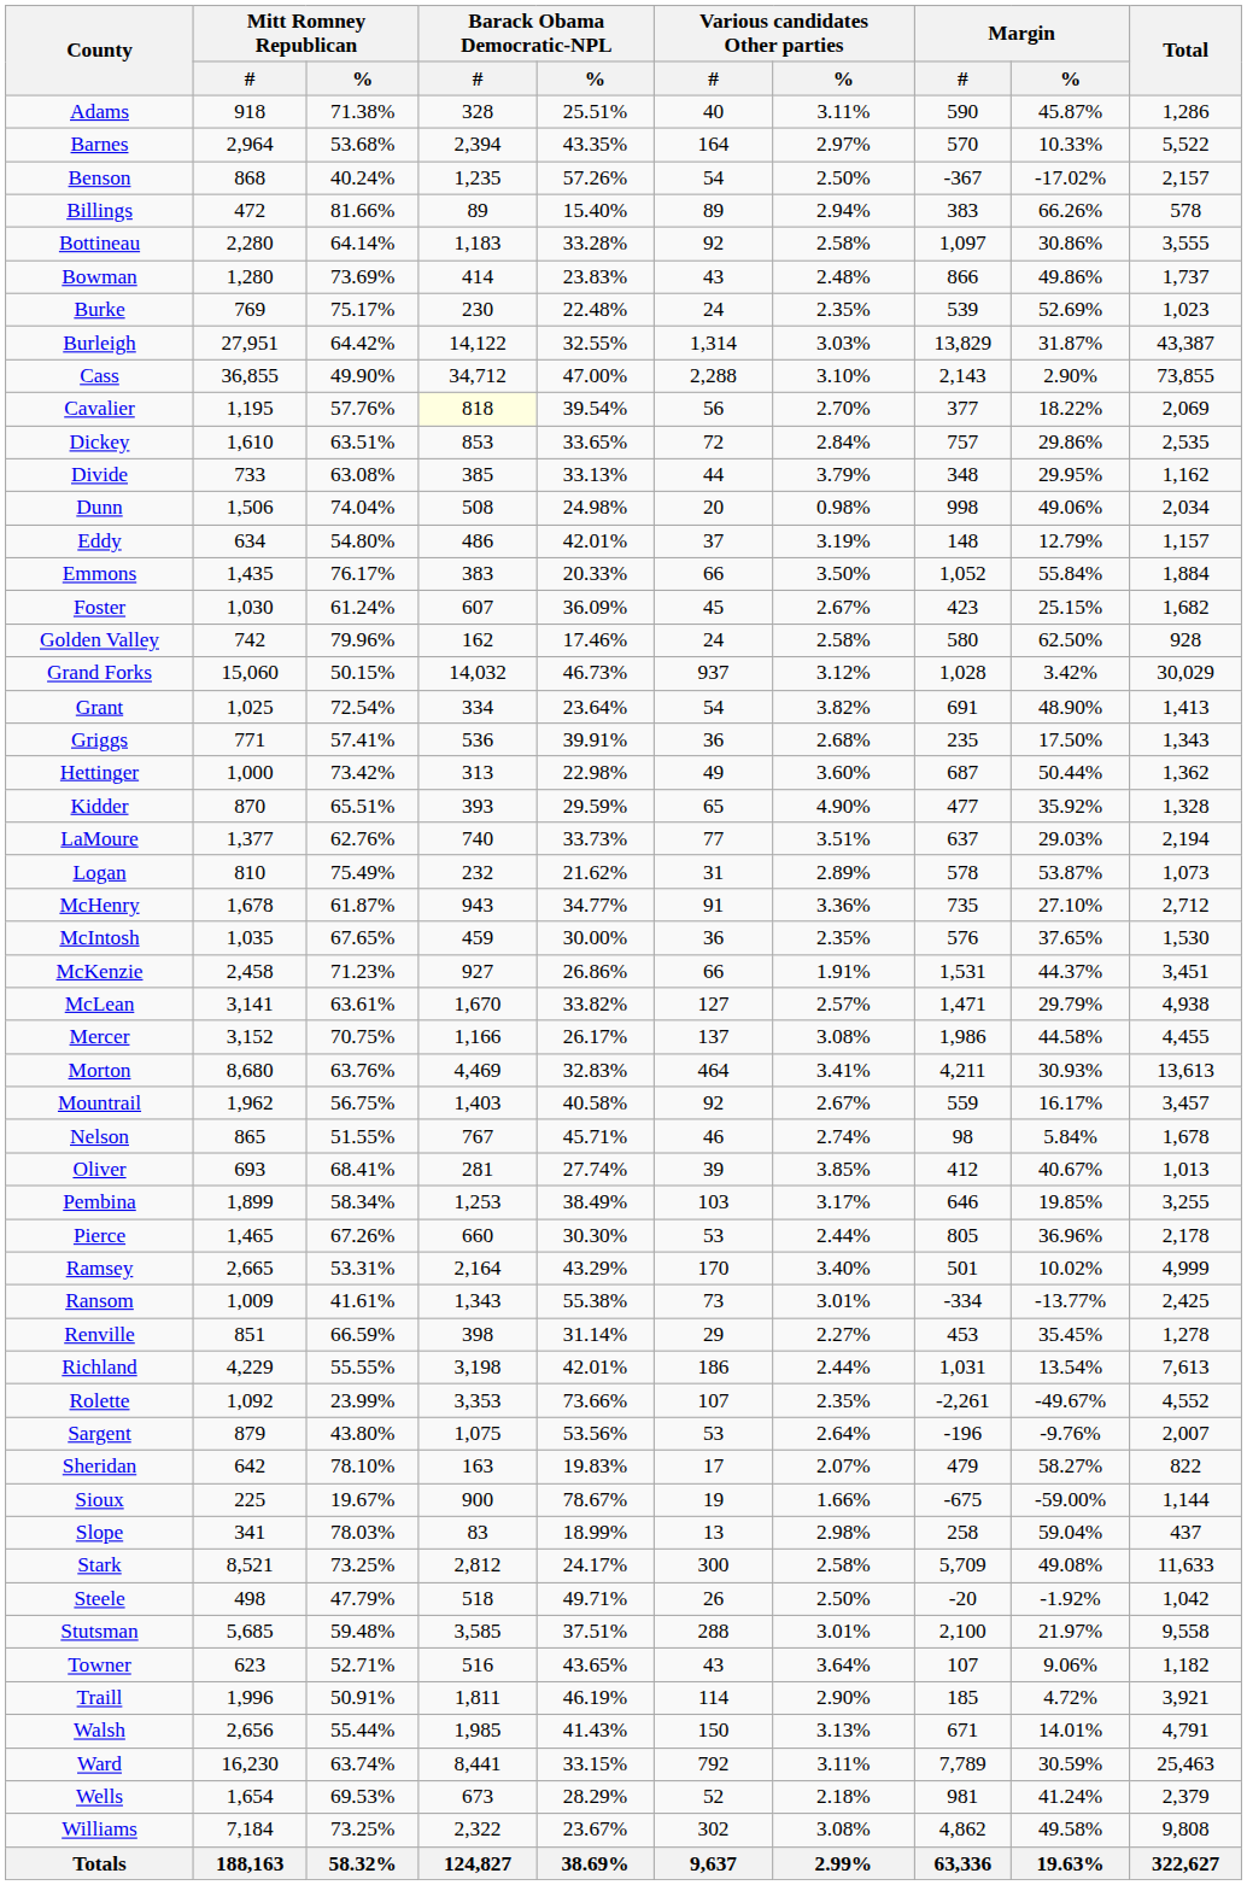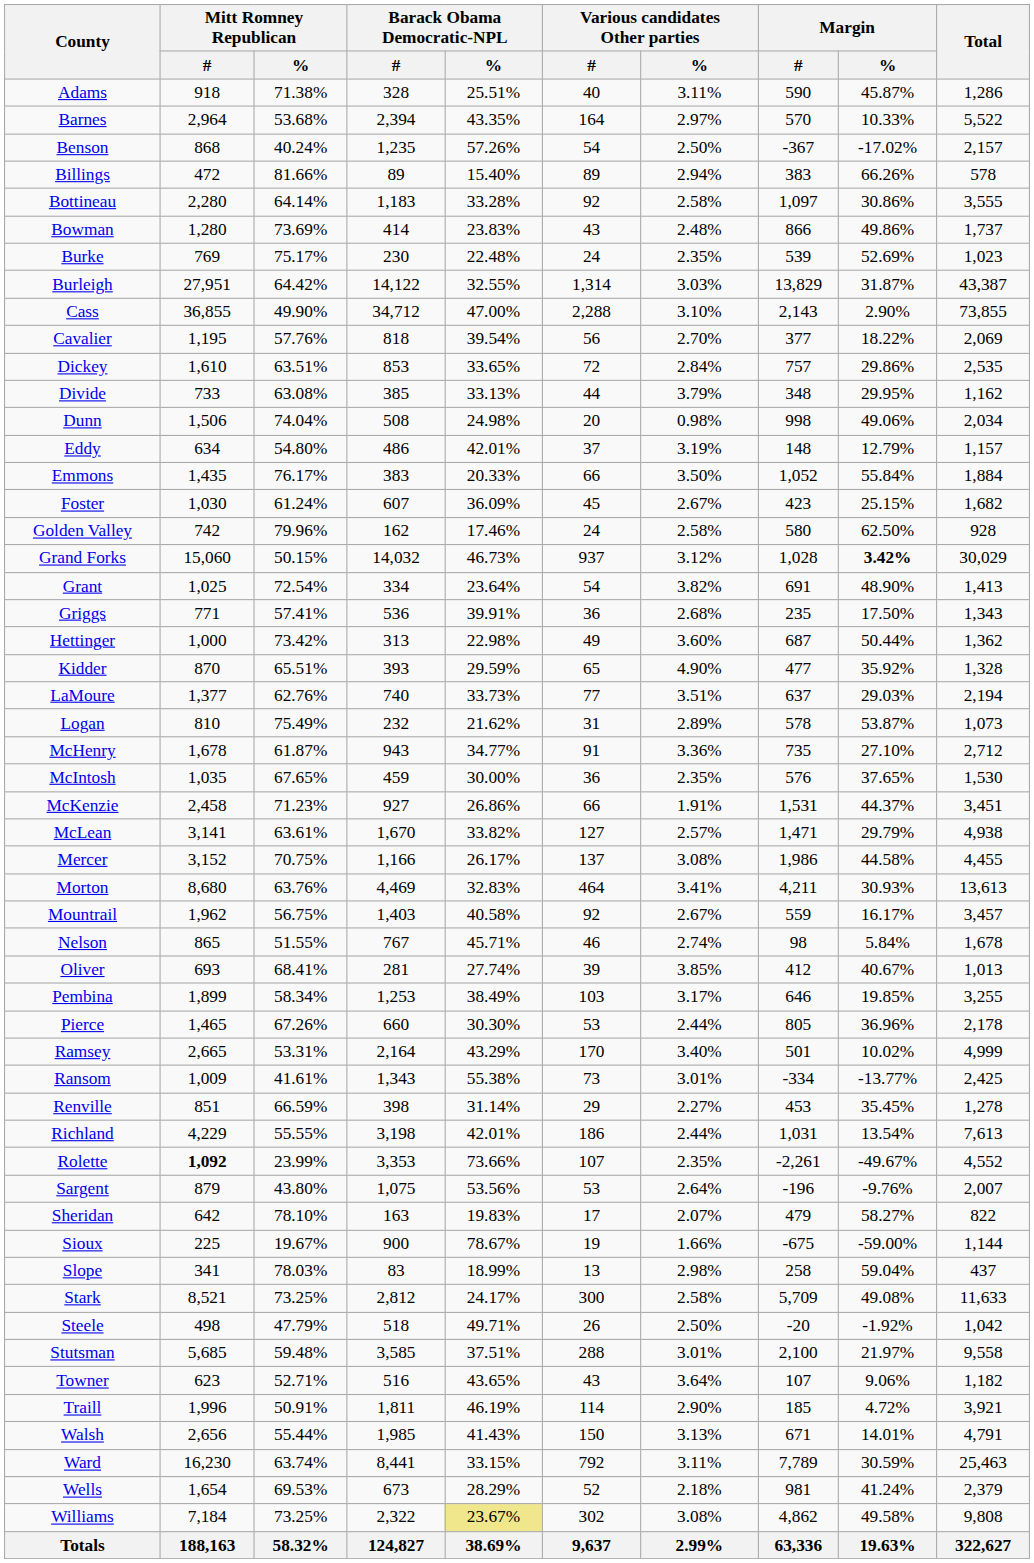 <table width="60%" class="wikitable sortable">
 <tr>
 <th rowspan="2">County</th>
 <th colspan="2">Mitt Romney<br>Republican</th>
 <th colspan="2">Barack Obama<br>Democratic-NPL</th>
 <th colspan="2">Various candidates<br>Other parties</th>
 <th colspan="2">Margin</th>
 <th rowspan="2">Total</th>
 </tr>
 <tr>
 <th style="text-align:center;" data-sort-type="number">#</th>
 <th style="text-align:center;" data-sort-type="number">%</th>
 <th style="text-align:center;" data-sort-type="number">#</th>
 <th style="text-align:center;" data-sort-type="number">%</th>
 <th style="text-align:center;" data-sort-type="number">#</th>
 <th style="text-align:center;" data-sort-type="number">%</th>
 <th style="text-align:center;" data-sort-type="number">#</th>
 <th style="text-align:center;" data-sort-type="number">%</th>
 </tr>
 <tr style="text-align:center;">
 <td><a href='#'>Adams</a></td>
 <td>918</td>
 <td>71.38%</td>
 <td>328</td>
 <td>25.51%</td>
 <td>40</td>
 <td>3.11%</td>
 <td>590</td>
 <td>45.87%</td>
 <td>1,286</td>
 </tr>
 <tr style="text-align:center;">
 <td><a href='#'>Barnes</a></td>
 <td>2,964</td>
 <td>53.68%</td>
 <td>2,394</td>
 <td>43.35%</td>
 <td>164</td>
 <td>2.97%</td>
 <td>570</td>
 <td>10.33%</td>
 <td>5,522</td>
 </tr>
 <tr style="text-align:center;">
 <td><a href='#'>Benson</a></td>
 <td>868</td>
 <td>40.24%</td>
 <td>1,235</td>
 <td>57.26%</td>
 <td>54</td>
 <td>2.50%</td>
 <td>-367</td>
 <td>-17.02%</td>
 <td>2,157</td>
 </tr>
 <tr style="text-align:center;">
 <td><a href='#'>Billings</a></td>
 <td>472</td>
 <td>81.66%</td>
 <td>89</td>
 <td>15.40%</td>
 <td>89</td>
 <td>2.94%</td>
 <td>383</td>
 <td>66.26%</td>
 <td>578</td>
 </tr>
 <tr style="text-align:center;">
 <td><a href='#'>Bottineau</a></td>
 <td>2,280</td>
 <td>64.14%</td>
 <td>1,183</td>
 <td>33.28%</td>
 <td>92</td>
 <td>2.58%</td>
 <td>1,097</td>
 <td>30.86%</td>
 <td>3,555</td>
 </tr>
 <tr style="text-align:center;">
 <td><a href='#'>Bowman</a></td>
 <td>1,280</td>
 <td>73.69%</td>
 <td>414</td>
 <td>23.83%</td>
 <td>43</td>
 <td>2.48%</td>
 <td>866</td>
 <td>49.86%</td>
 <td>1,737</td>
 </tr>
 <tr style="text-align:center;">
 <td><a href='#'>Burke</a></td>
 <td>769</td>
 <td>75.17%</td>
 <td>230</td>
 <td>22.48%</td>
 <td>24</td>
 <td>2.35%</td>
 <td>539</td>
 <td>52.69%</td>
 <td>1,023</td>
 </tr>
 <tr style="text-align:center;">
 <td><a href='#'>Burleigh</a></td>
 <td>27,951</td>
 <td>64.42%</td>
 <td>14,122</td>
 <td>32.55%</td>
 <td>1,314</td>
 <td>3.03%</td>
 <td>13,829</td>
 <td>31.87%</td>
 <td>43,387</td>
 </tr>
 <tr style="text-align:center;">
 <td><a href='#'>Cass</a></td>
 <td>36,855</td>
 <td>49.90%</td>
 <td>34,712</td>
 <td>47.00%</td>
 <td>2,288</td>
 <td>3.10%</td>
 <td>2,143</td>
 <td>2.90%</td>
 <td>73,855</td>
 </tr>
 <tr style="text-align:center;">
 <td><a href='#'>Cavalier</a></td>
 <td>1,195</td>
 <td>57.76%</td>
-<td style="background: lightyellow;">818</td>
+<td>818</td>
 <td>39.54%</td>
 <td>56</td>
 <td>2.70%</td>
 <td>377</td>
 <td>18.22%</td>
 <td>2,069</td>
 </tr>
 <tr style="text-align:center;">
 <td><a href='#'>Dickey</a></td>
 <td>1,610</td>
 <td>63.51%</td>
 <td>853</td>
 <td>33.65%</td>
 <td>72</td>
 <td>2.84%</td>
 <td>757</td>
 <td>29.86%</td>
 <td>2,535</td>
 </tr>
 <tr style="text-align:center;">
 <td><a href='#'>Divide</a></td>
 <td>733</td>
 <td>63.08%</td>
 <td>385</td>
 <td>33.13%</td>
 <td>44</td>
 <td>3.79%</td>
 <td>348</td>
 <td>29.95%</td>
 <td>1,162</td>
 </tr>
 <tr style="text-align:center;">
 <td><a href='#'>Dunn</a></td>
 <td>1,506</td>
 <td>74.04%</td>
 <td>508</td>
 <td>24.98%</td>
 <td>20</td>
 <td>0.98%</td>
 <td>998</td>
 <td>49.06%</td>
 <td>2,034</td>
 </tr>
 <tr style="text-align:center;">
 <td><a href='#'>Eddy</a></td>
 <td>634</td>
 <td>54.80%</td>
 <td>486</td>
 <td>42.01%</td>
 <td>37</td>
 <td>3.19%</td>
 <td>148</td>
 <td>12.79%</td>
 <td>1,157</td>
 </tr>
 <tr style="text-align:center;">
 <td><a href='#'>Emmons</a></td>
 <td>1,435</td>
 <td>76.17%</td>
 <td>383</td>
 <td>20.33%</td>
 <td>66</td>
 <td>3.50%</td>
 <td>1,052</td>
 <td>55.84%</td>
 <td>1,884</td>
 </tr>
 <tr style="text-align:center;">
 <td><a href='#'>Foster</a></td>
 <td>1,030</td>
 <td>61.24%</td>
 <td>607</td>
 <td>36.09%</td>
 <td>45</td>
 <td>2.67%</td>
 <td>423</td>
 <td>25.15%</td>
 <td>1,682</td>
 </tr>
 <tr style="text-align:center;">
 <td><a href='#'>Golden Valley</a></td>
 <td>742</td>
 <td>79.96%</td>
 <td>162</td>
 <td>17.46%</td>
 <td>24</td>
 <td>2.58%</td>
 <td>580</td>
 <td>62.50%</td>
 <td>928</td>
 </tr>
 <tr style="text-align:center;">
 <td><a href='#'>Grand Forks</a></td>
 <td>15,060</td>
 <td>50.15%</td>
 <td>14,032</td>
 <td>46.73%</td>
 <td>937</td>
 <td>3.12%</td>
 <td>1,028</td>
-<td>3.42%</td>
+<td><strong>3.42%</strong></td>
 <td>30,029</td>
 </tr>
 <tr style="text-align:center;">
 <td><a href='#'>Grant</a></td>
 <td>1,025</td>
 <td>72.54%</td>
 <td>334</td>
 <td>23.64%</td>
 <td>54</td>
 <td>3.82%</td>
 <td>691</td>
 <td>48.90%</td>
 <td>1,413</td>
 </tr>
 <tr style="text-align:center;">
 <td><a href='#'>Griggs</a></td>
 <td>771</td>
 <td>57.41%</td>
 <td>536</td>
 <td>39.91%</td>
 <td>36</td>
 <td>2.68%</td>
 <td>235</td>
 <td>17.50%</td>
 <td>1,343</td>
 </tr>
 <tr style="text-align:center;">
 <td><a href='#'>Hettinger</a></td>
 <td>1,000</td>
 <td>73.42%</td>
 <td>313</td>
 <td>22.98%</td>
 <td>49</td>
 <td>3.60%</td>
 <td>687</td>
 <td>50.44%</td>
 <td>1,362</td>
 </tr>
 <tr style="text-align:center;">
 <td><a href='#'>Kidder</a></td>
 <td>870</td>
 <td>65.51%</td>
 <td>393</td>
 <td>29.59%</td>
 <td>65</td>
 <td>4.90%</td>
 <td>477</td>
 <td>35.92%</td>
 <td>1,328</td>
 </tr>
 <tr style="text-align:center;">
 <td><a href='#'>LaMoure</a></td>
 <td>1,377</td>
 <td>62.76%</td>
 <td>740</td>
 <td>33.73%</td>
 <td>77</td>
 <td>3.51%</td>
 <td>637</td>
 <td>29.03%</td>
 <td>2,194</td>
 </tr>
 <tr style="text-align:center;">
 <td><a href='#'>Logan</a></td>
 <td>810</td>
 <td>75.49%</td>
 <td>232</td>
 <td>21.62%</td>
 <td>31</td>
 <td>2.89%</td>
 <td>578</td>
 <td>53.87%</td>
 <td>1,073</td>
 </tr>
 <tr style="text-align:center;">
 <td><a href='#'>McHenry</a></td>
 <td>1,678</td>
 <td>61.87%</td>
 <td>943</td>
 <td>34.77%</td>
 <td>91</td>
 <td>3.36%</td>
 <td>735</td>
 <td>27.10%</td>
 <td>2,712</td>
 </tr>
 <tr style="text-align:center;">
 <td><a href='#'>McIntosh</a></td>
 <td>1,035</td>
 <td>67.65%</td>
 <td>459</td>
 <td>30.00%</td>
 <td>36</td>
 <td>2.35%</td>
 <td>576</td>
 <td>37.65%</td>
 <td>1,530</td>
 </tr>
 <tr style="text-align:center;">
 <td><a href='#'>McKenzie</a></td>
 <td>2,458</td>
 <td>71.23%</td>
 <td>927</td>
 <td>26.86%</td>
 <td>66</td>
 <td>1.91%</td>
 <td>1,531</td>
 <td>44.37%</td>
 <td>3,451</td>
 </tr>
 <tr style="text-align:center;">
 <td><a href='#'>McLean</a></td>
 <td>3,141</td>
 <td>63.61%</td>
 <td>1,670</td>
 <td>33.82%</td>
 <td>127</td>
 <td>2.57%</td>
 <td>1,471</td>
 <td>29.79%</td>
 <td>4,938</td>
 </tr>
 <tr style="text-align:center;">
 <td><a href='#'>Mercer</a></td>
 <td>3,152</td>
 <td>70.75%</td>
 <td>1,166</td>
 <td>26.17%</td>
 <td>137</td>
 <td>3.08%</td>
 <td>1,986</td>
 <td>44.58%</td>
 <td>4,455</td>
 </tr>
 <tr style="text-align:center;">
 <td><a href='#'>Morton</a></td>
 <td>8,680</td>
 <td>63.76%</td>
 <td>4,469</td>
 <td>32.83%</td>
 <td>464</td>
 <td>3.41%</td>
 <td>4,211</td>
 <td>30.93%</td>
 <td>13,613</td>
 </tr>
 <tr style="text-align:center;">
 <td><a href='#'>Mountrail</a></td>
 <td>1,962</td>
 <td>56.75%</td>
 <td>1,403</td>
 <td>40.58%</td>
 <td>92</td>
 <td>2.67%</td>
 <td>559</td>
 <td>16.17%</td>
 <td>3,457</td>
 </tr>
 <tr style="text-align:center;">
 <td><a href='#'>Nelson</a></td>
 <td>865</td>
 <td>51.55%</td>
 <td>767</td>
 <td>45.71%</td>
 <td>46</td>
 <td>2.74%</td>
 <td>98</td>
 <td>5.84%</td>
 <td>1,678</td>
 </tr>
 <tr style="text-align:center;">
 <td><a href='#'>Oliver</a></td>
 <td>693</td>
 <td>68.41%</td>
 <td>281</td>
 <td>27.74%</td>
 <td>39</td>
 <td>3.85%</td>
 <td>412</td>
 <td>40.67%</td>
 <td>1,013</td>
 </tr>
 <tr style="text-align:center;">
 <td><a href='#'>Pembina</a></td>
 <td>1,899</td>
 <td>58.34%</td>
 <td>1,253</td>
 <td>38.49%</td>
 <td>103</td>
 <td>3.17%</td>
 <td>646</td>
 <td>19.85%</td>
 <td>3,255</td>
 </tr>
 <tr style="text-align:center;">
 <td><a href='#'>Pierce</a></td>
 <td>1,465</td>
 <td>67.26%</td>
 <td>660</td>
 <td>30.30%</td>
 <td>53</td>
 <td>2.44%</td>
 <td>805</td>
 <td>36.96%</td>
 <td>2,178</td>
 </tr>
 <tr style="text-align:center;">
 <td><a href='#'>Ramsey</a></td>
 <td>2,665</td>
 <td>53.31%</td>
 <td>2,164</td>
 <td>43.29%</td>
 <td>170</td>
 <td>3.40%</td>
 <td>501</td>
 <td>10.02%</td>
 <td>4,999</td>
 </tr>
 <tr style="text-align:center;">
 <td><a href='#'>Ransom</a></td>
 <td>1,009</td>
 <td>41.61%</td>
 <td>1,343</td>
 <td>55.38%</td>
 <td>73</td>
 <td>3.01%</td>
 <td>-334</td>
 <td>-13.77%</td>
 <td>2,425</td>
 </tr>
 <tr style="text-align:center;">
 <td><a href='#'>Renville</a></td>
 <td>851</td>
 <td>66.59%</td>
 <td>398</td>
 <td>31.14%</td>
 <td>29</td>
 <td>2.27%</td>
 <td>453</td>
 <td>35.45%</td>
 <td>1,278</td>
 </tr>
 <tr style="text-align:center;">
 <td><a href='#'>Richland</a></td>
 <td>4,229</td>
 <td>55.55%</td>
 <td>3,198</td>
 <td>42.01%</td>
 <td>186</td>
 <td>2.44%</td>
 <td>1,031</td>
 <td>13.54%</td>
 <td>7,613</td>
 </tr>
 <tr style="text-align:center;">
 <td><a href='#'>Rolette</a></td>
-<td>1,092</td>
+<td><strong>1,092</strong></td>
 <td>23.99%</td>
 <td>3,353</td>
 <td>73.66%</td>
 <td>107</td>
 <td>2.35%</td>
 <td>-2,261</td>
 <td>-49.67%</td>
 <td>4,552</td>
 </tr>
 <tr style="text-align:center;">
 <td><a href='#'>Sargent</a></td>
 <td>879</td>
 <td>43.80%</td>
 <td>1,075</td>
 <td>53.56%</td>
 <td>53</td>
 <td>2.64%</td>
 <td>-196</td>
 <td>-9.76%</td>
 <td>2,007</td>
 </tr>
 <tr style="text-align:center;">
 <td><a href='#'>Sheridan</a></td>
 <td>642</td>
 <td>78.10%</td>
 <td>163</td>
 <td>19.83%</td>
 <td>17</td>
 <td>2.07%</td>
 <td>479</td>
 <td>58.27%</td>
 <td>822</td>
 </tr>
 <tr style="text-align:center;">
 <td><a href='#'>Sioux</a></td>
 <td>225</td>
 <td>19.67%</td>
 <td>900</td>
 <td>78.67%</td>
 <td>19</td>
 <td>1.66%</td>
 <td>-675</td>
 <td>-59.00%</td>
 <td>1,144</td>
 </tr>
 <tr style="text-align:center;">
 <td><a href='#'>Slope</a></td>
 <td>341</td>
 <td>78.03%</td>
 <td>83</td>
 <td>18.99%</td>
 <td>13</td>
 <td>2.98%</td>
 <td>258</td>
 <td>59.04%</td>
 <td>437</td>
 </tr>
 <tr style="text-align:center;">
 <td><a href='#'>Stark</a></td>
 <td>8,521</td>
 <td>73.25%</td>
 <td>2,812</td>
 <td>24.17%</td>
 <td>300</td>
 <td>2.58%</td>
 <td>5,709</td>
 <td>49.08%</td>
 <td>11,633</td>
 </tr>
 <tr style="text-align:center;">
 <td><a href='#'>Steele</a></td>
 <td>498</td>
 <td>47.79%</td>
 <td>518</td>
 <td>49.71%</td>
 <td>26</td>
 <td>2.50%</td>
 <td>-20</td>
 <td>-1.92%</td>
 <td>1,042</td>
 </tr>
 <tr style="text-align:center;">
 <td><a href='#'>Stutsman</a></td>
 <td>5,685</td>
 <td>59.48%</td>
 <td>3,585</td>
 <td>37.51%</td>
 <td>288</td>
 <td>3.01%</td>
 <td>2,100</td>
 <td>21.97%</td>
 <td>9,558</td>
 </tr>
 <tr style="text-align:center;">
 <td><a href='#'>Towner</a></td>
 <td>623</td>
 <td>52.71%</td>
 <td>516</td>
 <td>43.65%</td>
 <td>43</td>
 <td>3.64%</td>
 <td>107</td>
 <td>9.06%</td>
 <td>1,182</td>
 </tr>
 <tr style="text-align:center;">
 <td><a href='#'>Traill</a></td>
 <td>1,996</td>
 <td>50.91%</td>
 <td>1,811</td>
 <td>46.19%</td>
 <td>114</td>
 <td>2.90%</td>
 <td>185</td>
 <td>4.72%</td>
 <td>3,921</td>
 </tr>
 <tr style="text-align:center;">
 <td><a href='#'>Walsh</a></td>
 <td>2,656</td>
 <td>55.44%</td>
 <td>1,985</td>
 <td>41.43%</td>
 <td>150</td>
 <td>3.13%</td>
 <td>671</td>
 <td>14.01%</td>
 <td>4,791</td>
 </tr>
 <tr style="text-align:center;">
 <td><a href='#'>Ward</a></td>
 <td>16,230</td>
 <td>63.74%</td>
 <td>8,441</td>
 <td>33.15%</td>
 <td>792</td>
 <td>3.11%</td>
 <td>7,789</td>
 <td>30.59%</td>
 <td>25,463</td>
 </tr>
 <tr style="text-align:center;">
 <td><a href='#'>Wells</a></td>
 <td>1,654</td>
 <td>69.53%</td>
 <td>673</td>
 <td>28.29%</td>
 <td>52</td>
 <td>2.18%</td>
 <td>981</td>
 <td>41.24%</td>
 <td>2,379</td>
 </tr>
 <tr style="text-align:center;">
 <td><a href='#'>Williams</a></td>
 <td>7,184</td>
 <td>73.25%</td>
 <td>2,322</td>
-<td>23.67%</td>
+<td style="background: khaki;">23.67%</td>
 <td>302</td>
 <td>3.08%</td>
 <td>4,862</td>
 <td>49.58%</td>
 <td>9,808</td>
 </tr>
 <tr>
 <th>Totals</th>
 <th>188,163</th>
 <th>58.32%</th>
 <th>124,827</th>
 <th>38.69%</th>
 <th>9,637</th>
 <th>2.99%</th>
 <th>63,336</th>
 <th>19.63%</th>
 <th>322,627</th>
 </tr>
 </table>
